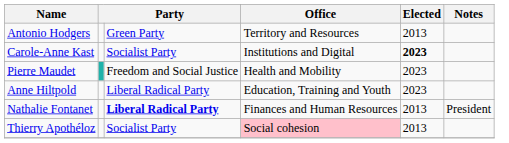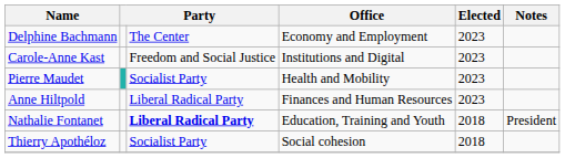 <table class="wikitable sortable">
 <tr>
 <th>Name</th>
 <th colspan=2>Party</th>
 <th>Office</th>
 <th>Elected</th>
 <th>Notes</th>
 </tr>
 <tr>
-<td><a href='#'>Antonio Hodgers</a></td>
+<td><a href='#'>Delphine Bachmann</a></td>
 <td style="background-color: "></td>
-<td><a href='#'>Green Party</a></td>
-<td>Territory and Resources</td>
-<td>2013</td>
+<td><a href='#'>The Center</a></td>
+<td>Economy and Employment</td>
+<td>2023</td>
 <td></td>
 </tr>
 <tr>
 <td><a href='#'>Carole-Anne Kast</a></td>
 <td style="background-color: "></td>
-<td><a href='#'>Socialist Party</a></td>
+<td>Freedom and Social Justice</td>
 <td>Institutions and Digital</td>
-<td><strong>2023</strong></td>
+<td>2023</td>
 <td></td>
 </tr>
 <tr>
 <td><a href='#'>Pierre Maudet</a></td>
 <td style="background-color: #20B2AA"></td>
-<td>Freedom and Social Justice</td>
+<td><a href='#'>Socialist Party</a></td>
 <td>Health and Mobility</td>
 <td>2023</td>
 <td></td>
 </tr>
 <tr>
 <td><a href='#'>Anne Hiltpold</a></td>
 <td style="background-color: "></td>
 <td><a href='#'>Liberal Radical Party</a></td>
-<td>Education, Training and Youth</td>
+<td>Finances and Human Resources</td>
 <td>2023</td>
 <td></td>
 </tr>
 <tr>
 <td><a href='#'>Nathalie Fontanet</a></td>
 <td style="background-color: "></td>
 <td><strong><a href='#'>Liberal Radical Party</a></strong></td>
-<td>Finances and Human Resources</td>
-<td>2013</td>
+<td>Education, Training and Youth</td>
+<td>2018</td>
 <td>President</td>
 </tr>
 <tr>
 <td><a href='#'>Thierry Apothéloz</a></td>
 <td style="background-color: "></td>
 <td><a href='#'>Socialist Party</a></td>
-<td style="background: pink;">Social cohesion</td>
-<td>2013</td>
+<td>Social cohesion</td>
+<td>2018</td>
 <td></td>
 </tr>
 <tr>
 </tr>
 </table>
